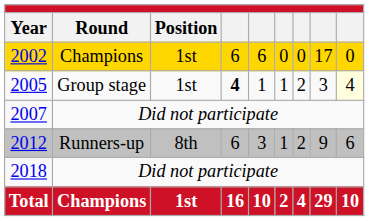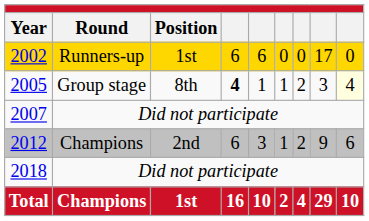 <table class="wikitable" style="text-align: center;">
 <tr>
 <th colspan=9 style="background: #CE1126; color: #FFFFFF;"> <a href='#'></a></th>
 </tr>
 <tr>
 <th>Year</th>
 <th>Round</th>
 <th>Position</th>
 <th></th>
 <th></th>
 <th></th>
 <th></th>
 <th></th>
 <th></th>
 </tr>
 <tr style="background:gold;">
 <td><a href='#'>2002</a></td>
-<td>Champions</td>
+<td>Runners-up</td>
 <td>1st</td>
 <td>6</td>
 <td>6</td>
 <td>0</td>
 <td>0</td>
 <td>17</td>
 <td>0</td>
 </tr>
 <tr>
 <td><a href='#'>2005</a></td>
 <td>Group stage</td>
-<td>1st</td>
+<td>8th</td>
 <td><strong>4</strong></td>
 <td>1</td>
 <td>1</td>
 <td>2</td>
 <td>3</td>
 <td style="background: lightyellow;">4</td>
 </tr>
 <tr>
 <td><a href='#'>2007</a></td>
 <td colspan=8><em>Did not participate</em></td>
 </tr>
 <tr style="background:silver;">
 <td><a href='#'>2012</a></td>
-<td>Runners-up</td>
-<td>8th</td>
+<td>Champions</td>
+<td>2nd</td>
 <td>6</td>
 <td>3</td>
 <td>1</td>
 <td>2</td>
 <td>9</td>
 <td>6</td>
 </tr>
 <tr>
 <td><a href='#'>2018</a></td>
 <td colspan="8"><em>Did not participate</em></td>
 </tr>
 <tr style="background: #CE1126; color: #FFFFFF;" |>
 <td><strong>Total</strong></td>
 <td><strong>Champions</strong></td>
 <td><strong>1st</strong></td>
 <td><strong>16</strong></td>
 <td><strong>10</strong></td>
 <td><strong>2</strong></td>
 <td><strong>4</strong></td>
 <td><strong>29</strong></td>
 <td><strong>10</strong></td>
 </tr>
 </table>
